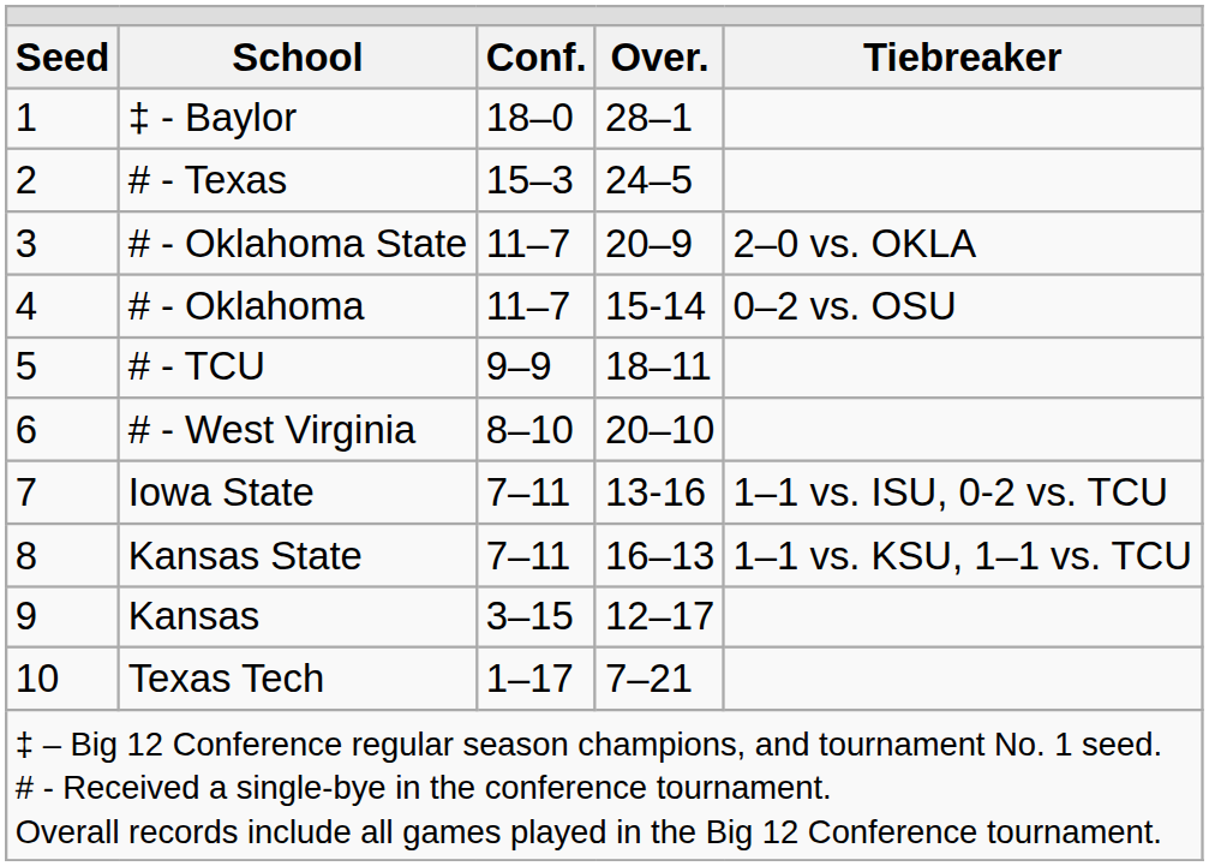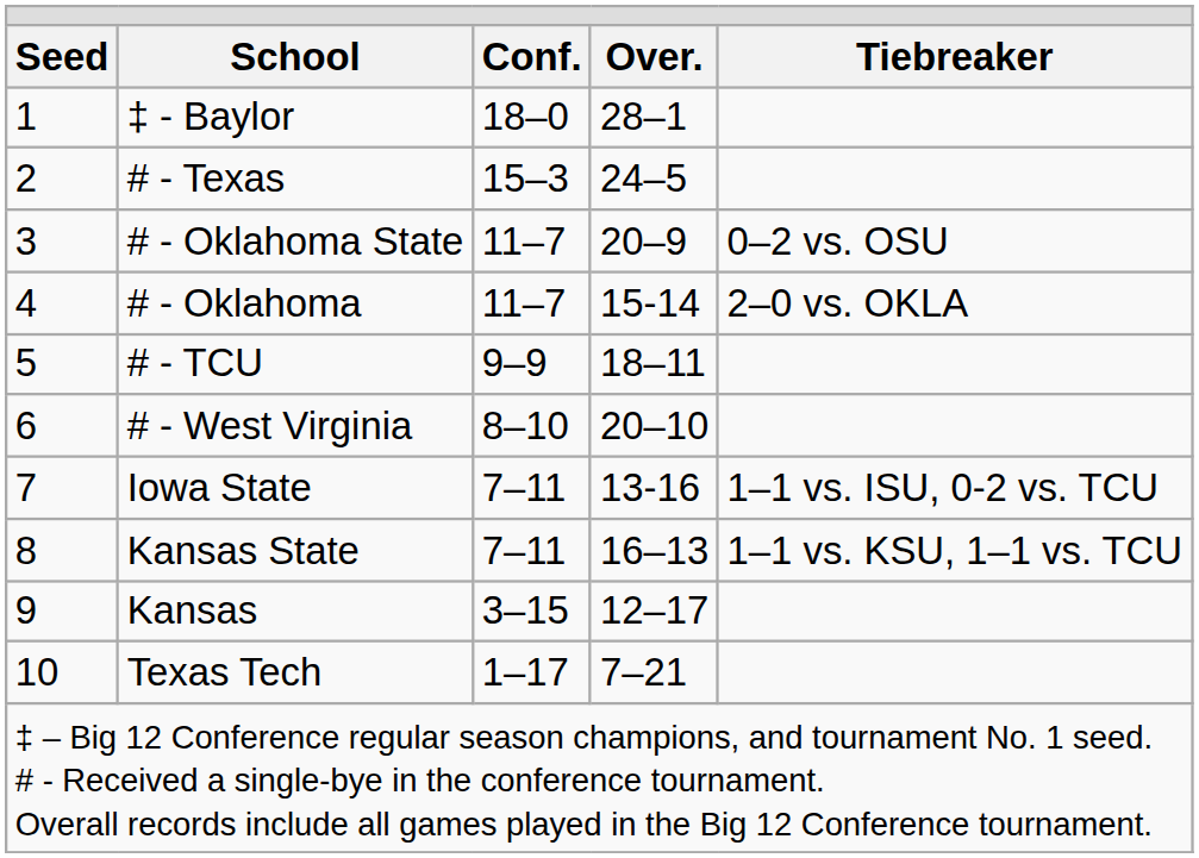 <table class="wikitable" style="white-space:nowrap; font-size:90%;">
 <tr>
 <td colspan="10" style="text-align:center; background:#DDDDDD; font:#000000"><strong></strong></td>
 </tr>
 <tr bgcolor="#efefef">
 <th>Seed</th>
 <th>School</th>
 <th>Conf.</th>
 <th>Over.</th>
 <th>Tiebreaker</th>
 </tr>
 <tr>
 <td>1</td>
 <td>‡ - Baylor</td>
 <td>18–0</td>
 <td>28–1</td>
 <td></td>
 </tr>
 <tr>
 <td>2</td>
 <td># - Texas</td>
 <td>15–3</td>
 <td>24–5</td>
 <td></td>
 </tr>
 <tr>
 <td>3</td>
 <td># - Oklahoma State</td>
 <td>11–7</td>
 <td>20–9</td>
-<td>2–0 vs. OKLA</td>
+<td>0–2 vs. OSU</td>
 </tr>
 <tr>
 <td>4</td>
 <td># - Oklahoma</td>
 <td>11–7</td>
 <td>15-14</td>
-<td>0–2 vs. OSU</td>
+<td>2–0 vs. OKLA</td>
 </tr>
 <tr>
 <td>5</td>
 <td># - TCU</td>
 <td>9–9</td>
 <td>18–11</td>
 <td></td>
 </tr>
 <tr>
 <td>6</td>
 <td># - West Virginia</td>
 <td>8–10</td>
 <td>20–10</td>
 <td></td>
 </tr>
 <tr>
 <td>7</td>
 <td>Iowa State</td>
 <td>7–11</td>
 <td>13-16</td>
 <td>1–1 vs. ISU, 0-2 vs. TCU</td>
 </tr>
 <tr>
 <td>8</td>
 <td>Kansas State</td>
 <td>7–11</td>
 <td>16–13</td>
 <td>1–1 vs. KSU, 1–1 vs. TCU</td>
 </tr>
 <tr>
 <td>9</td>
 <td>Kansas</td>
 <td>3–15</td>
 <td>12–17</td>
 <td></td>
 </tr>
 <tr>
 <td>10</td>
 <td>Texas Tech</td>
 <td>1–17</td>
 <td>7–21</td>
 <td></td>
 </tr>
 <tr>
 <td colspan="10" style="text-align:left;"><small>‡ – Big 12 Conference regular season champions, and tournament No. 1 seed.<br># - Received a single-bye in the conference tournament.<br>Overall records include all games played in the Big 12 Conference tournament.</small></td>
 </tr>
 <tr>
 </tr>
 </table>
